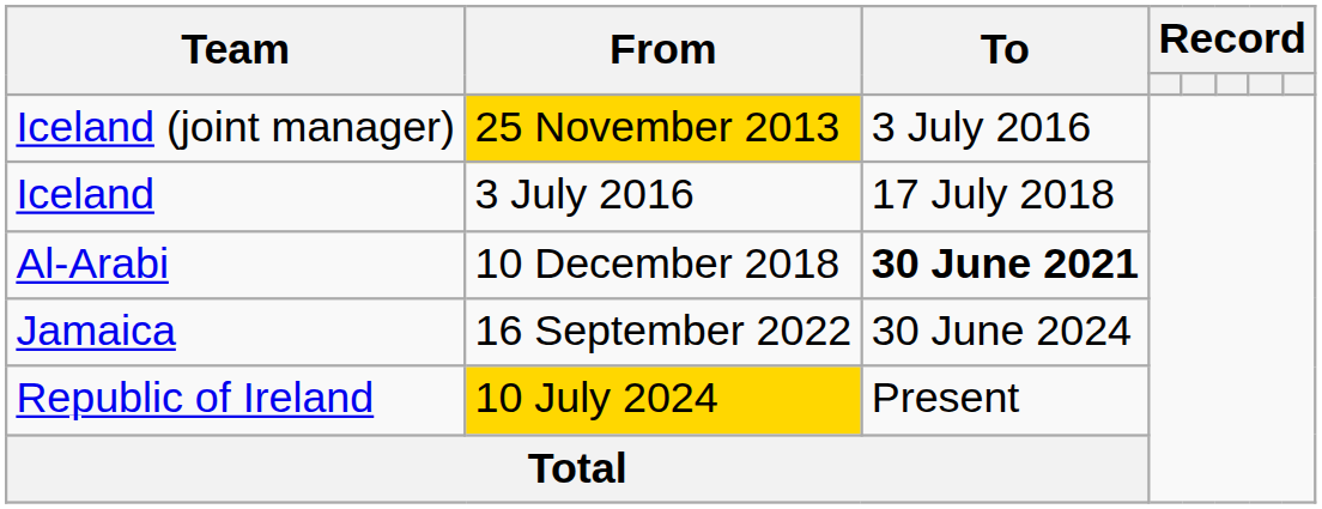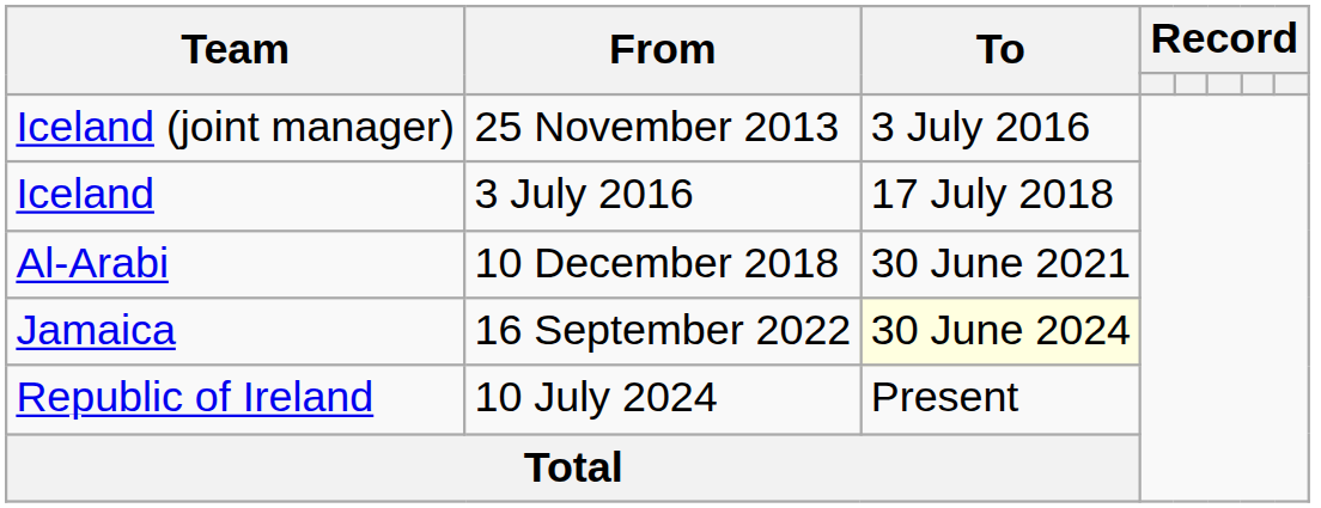 <table class="wikitable" style="text-align: center;">
 <tr>
 <th rowspan="2">Team</th>
 <th rowspan="2">From</th>
 <th rowspan="2">To</th>
 <th colspan="5">Record</th>
 </tr>
 <tr>
 <th></th>
 <th></th>
 <th></th>
 <th></th>
 <th></th>
 </tr>
 <tr>
 <td align=left><a href='#'>Iceland</a> (joint manager)</td>
-<td align=left style="background: gold;">25 November 2013</td>
+<td align=left>25 November 2013</td>
 <td align=left>3 July 2016<br></td>
 </tr>
 <tr>
 <td align=left><a href='#'>Iceland</a></td>
 <td align=left>3 July 2016</td>
 <td align=left>17 July 2018<br></td>
 </tr>
 <tr>
 <td align=left><a href='#'>Al-Arabi</a></td>
 <td align=left>10 December 2018</td>
-<td align=left><strong>30 June 2021<br></strong></td>
+<td align=left>30 June 2021<br></td>
 </tr>
 <tr>
 <td align=left><a href='#'>Jamaica</a></td>
 <td align=left>16 September 2022</td>
-<td align=left>30 June 2024<br></td>
+<td align=left style="background: lightyellow;">30 June 2024<br></td>
 </tr>
 <tr>
 <td align=left><a href='#'>Republic of Ireland</a></td>
-<td align=left style="background: gold;">10 July 2024</td>
+<td align=left>10 July 2024</td>
 <td align=left>Present<br></td>
 </tr>
 <tr>
 <th colspan=3>Total<br></th>
 </tr>
 </table>
